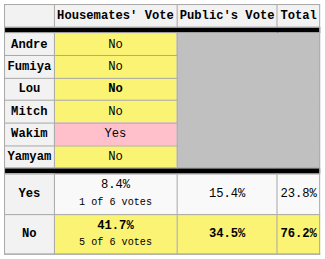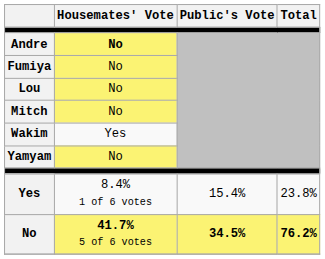 <table class="wikitable" style="text-align:center; font-size:90%; line-height:16px;">
 <tr>
 <th></th>
 <th>Housemates' Vote</th>
 <th>Public's Vote</th>
 <th>Total</th>
 </tr>
 <tr>
 <th style="background:#000000;" colspan=4></th>
 </tr>
 <tr>
 <th>Andre</th>
-<td style="background:#FBF373;">No</td>
+<td style="background:#FBF373;"><strong>No</strong></td>
 <th style="background:#C0C0C0;" rowspan=6 colspan=2></th>
 </tr>
 <tr>
 <th>Fumiya</th>
 <td style="background:#FBF373;">No</td>
 </tr>
 <tr>
 <th>Lou</th>
-<td style="background:#FBF373;"><strong>No</strong></td>
+<td style="background:#FBF373;">No</td>
 </tr>
 <tr>
 <th>Mitch</th>
 <td style="background:#FBF373;">No</td>
 </tr>
 <tr>
 <th>Wakim</th>
-<td style="background: pink;">Yes</td>
+<td>Yes</td>
 </tr>
 <tr>
 <th>Yamyam</th>
 <td style="background:#FBF373;">No</td>
 </tr>
 <tr>
 <td style="background:#000000;" colspan="4"></td>
 </tr>
 <tr>
 <th>Yes</th>
 <td>8.4% <br><small>1 of 6 votes</small></td>
 <td>15.4%</td>
 <td>23.8%</td>
 </tr>
 <tr>
 <th>No</th>
 <td style="background-color:#FBF373"><strong>41.7%</strong> <br><small>5 of 6 votes</small></td>
 <td style="background:#FBF373;"><strong>34.5%</strong></td>
 <td style="background:#FBF373;"><strong>76.2%</strong></td>
 </tr>
 <tr>
 </tr>
 </table>
